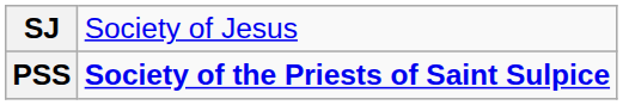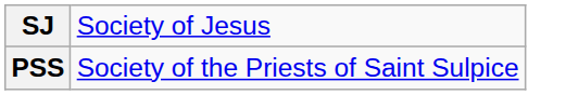 <table class="wikitable plainrowheaders">
 <tr>
 <th scope="row" style="text-align:center">SJ</th>
 <td><a href='#'>Society of Jesus</a></td>
 </tr>
 <tr>
 <th scope="row" style="text-align:center">PSS</th>
-<td><strong><a href='#'>Society of the Priests of Saint Sulpice</a></strong></td>
+<td><a href='#'>Society of the Priests of Saint Sulpice</a></td>
 </tr>
 </table>
